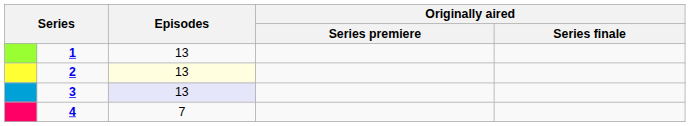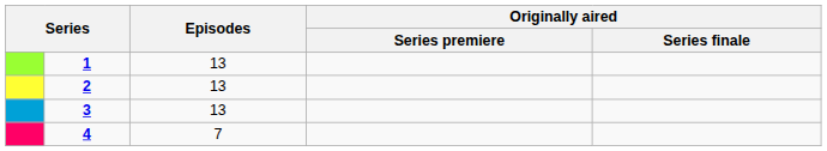 <table class="wikitable" style="text-align:center; width:70%;">
 <tr>
 <th colspan="2" rowspan="2">Series</th>
 <th rowspan="2">Episodes</th>
 <th colspan="2">Originally aired</th>
 </tr>
 <tr>
 <th>Series premiere</th>
 <th>Series finale</th>
 </tr>
 <tr>
 <td style="background:#99FF33; color:#99FF33; text-align:center;"></td>
 <td><strong><a href='#'>1</a></strong></td>
 <td>13</td>
 <td></td>
 <td></td>
 </tr>
 <tr>
 <td style="background:#FFFF33; color:#FFFF33; text-align:center;"></td>
 <td><strong><a href='#'>2</a></strong></td>
-<td style="background: lightyellow;">13</td>
+<td>13</td>
 <td></td>
 <td></td>
 </tr>
 <tr>
 <td style="background:#00A1D7; color:#00A1D7; text-align:center;"></td>
 <td><strong><a href='#'>3</a></strong></td>
-<td style="background: lavender;">13</td>
+<td>13</td>
 <td></td>
 <td></td>
 </tr>
 <tr>
 <td style="background:#FF0066; color:#FF0066; text-align:center;"></td>
 <td><strong><a href='#'>4</a></strong></td>
 <td>7</td>
 <td></td>
 <td></td>
 </tr>
 </table>
